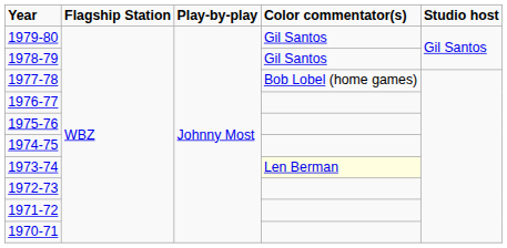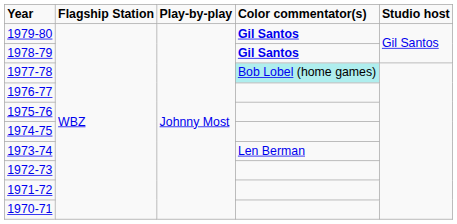 <table class="wikitable">
 <tr>
 <td><strong>Year</strong></td>
 <td><strong>Flagship Station</strong></td>
 <td><strong>Play-by-play</strong></td>
 <td><strong>Color commentator(s)</strong></td>
 <td><strong>Studio host</strong></td>
 </tr>
 <tr>
 <td><a href='#'>1979-80</a></td>
 <td rowspan=10><a href='#'>WBZ</a></td>
 <td rowspan=10><a href='#'>Johnny Most</a></td>
-<td><a href='#'>Gil Santos</a></td>
+<td><strong><a href='#'>Gil Santos</a></strong></td>
 <td rowspan=2><a href='#'>Gil Santos</a></td>
 </tr>
 <tr>
 <td><a href='#'>1978-79</a></td>
-<td><a href='#'>Gil Santos</a></td>
+<td><strong><a href='#'>Gil Santos</a></strong></td>
 </tr>
 <tr>
 <td><a href='#'>1977-78</a></td>
-<td><a href='#'>Bob Lobel</a> (home games)</td>
+<td style="background: paleturquoise;"><a href='#'>Bob Lobel</a> (home games)</td>
 </tr>
 <tr>
 <td><a href='#'>1976-77</a></td>
 <td></td>
 </tr>
 <tr>
 <td><a href='#'>1975-76</a></td>
 <td></td>
 </tr>
 <tr>
 <td><a href='#'>1974-75</a></td>
 <td></td>
 </tr>
 <tr>
 <td><a href='#'>1973-74</a></td>
-<td style="background: lightyellow;"><a href='#'>Len Berman</a></td>
+<td><a href='#'>Len Berman</a></td>
 </tr>
 <tr>
 <td><a href='#'>1972-73</a></td>
 <td></td>
 </tr>
 <tr>
 <td><a href='#'>1971-72</a></td>
 <td></td>
 </tr>
 <tr>
 <td><a href='#'>1970-71</a></td>
 <td></td>
 </tr>
 </table>
